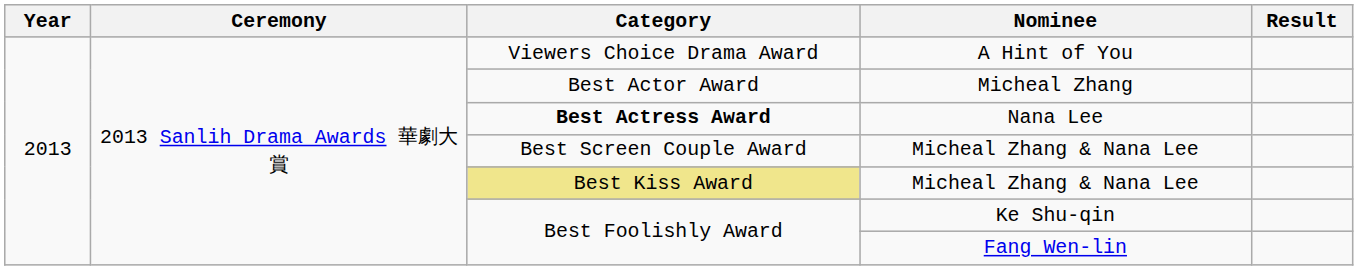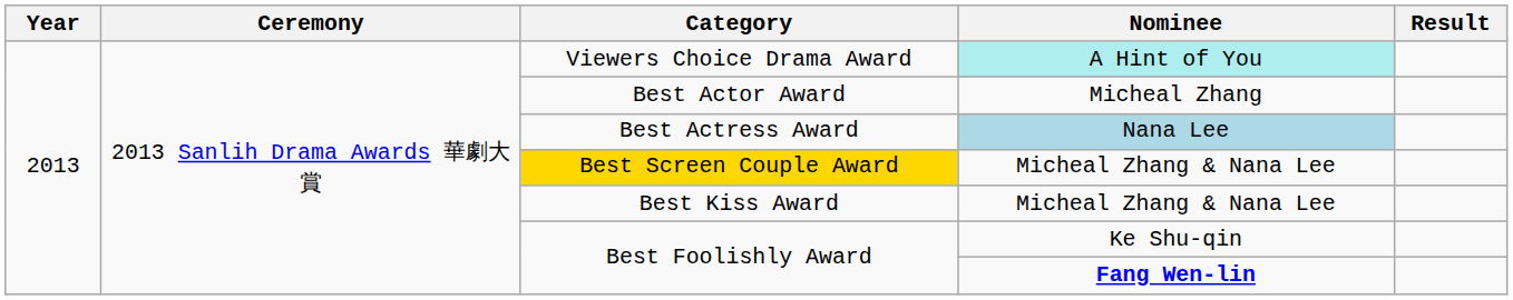 <table class="wikitable">
 <tr>
 <th style="width:50px;">Year</th>
 <th style="width:240px;">Ceremony</th>
 <th style="width:250px;">Category</th>
 <th style="width:250px;">Nominee</th>
 <th style="width:60px;">Result</th>
 </tr>
 <tr>
 <td align="center" rowspan=7>2013</td>
 <td align="center" rowspan=7>2013 <a href='#'>Sanlih Drama Awards</a> 華劇大賞<br></td>
 <td align="center">Viewers Choice Drama Award</td>
-<td align="center">A Hint of You</td>
+<td align="center" style="background: paleturquoise;">A Hint of You</td>
 <td></td>
 </tr>
 <tr>
 <td align="center">Best Actor Award</td>
 <td align="center">Micheal Zhang</td>
 <td></td>
 </tr>
 <tr>
-<td align="center"><strong>Best Actress Award</strong></td>
-<td align="center">Nana Lee</td>
+<td align="center">Best Actress Award</td>
+<td align="center" style="background: lightblue;">Nana Lee</td>
 <td></td>
 </tr>
 <tr>
-<td align="center">Best Screen Couple Award</td>
+<td align="center" style="background: gold;">Best Screen Couple Award</td>
 <td align="center">Micheal Zhang & Nana Lee</td>
 <td></td>
 </tr>
 <tr>
-<td align="center" style="background: khaki;">Best Kiss Award</td>
+<td align="center">Best Kiss Award</td>
 <td align="center">Micheal Zhang & Nana Lee</td>
 <td></td>
 </tr>
 <tr>
 <td rowspan=2 align="center">Best Foolishly Award</td>
 <td align="center">Ke Shu-qin</td>
 <td></td>
 </tr>
 <tr>
-<td align="center"><a href='#'>Fang Wen-lin</a></td>
+<td align="center"><strong><a href='#'>Fang Wen-lin</a></strong></td>
 <td></td>
 </tr>
 </table>
